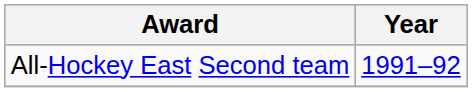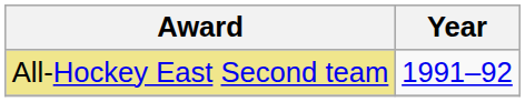 <table class="wikitable">
 <tr>
 <th>Award</th>
 <th>Year</th>
 </tr>
 <tr>
-<td>All-<a href='#'>Hockey East</a> <a href='#'>Second team</a></td>
+<td style="background: khaki;">All-<a href='#'>Hockey East</a> <a href='#'>Second team</a></td>
 <td><a href='#'>1991–92</a></td>
 </tr>
 <tr>
 </tr>
 </table>
